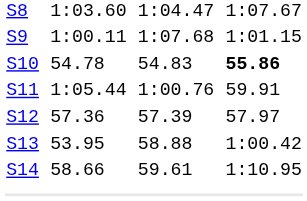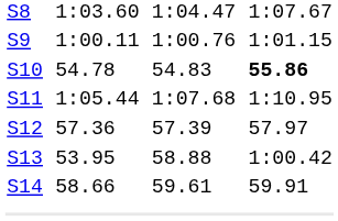 <table>
 <tr>
 <td><a href='#'>S8</a></td>
 <td></td>
 <td>1:03.60</td>
 <td></td>
 <td>1:04.47</td>
 <td></td>
 <td>1:07.67</td>
 </tr>
 <tr>
 <td><a href='#'>S9</a></td>
 <td></td>
 <td>1:00.11</td>
 <td></td>
-<td>1:07.68</td>
+<td>1:00.76</td>
 <td></td>
 <td>1:01.15</td>
 </tr>
 <tr>
 <td><a href='#'>S10</a></td>
 <td></td>
 <td>54.78</td>
 <td></td>
 <td>54.83</td>
 <td></td>
 <td><strong>55.86</strong></td>
 </tr>
 <tr>
 <td><a href='#'>S11</a></td>
 <td></td>
 <td>1:05.44</td>
 <td></td>
-<td>1:00.76</td>
+<td>1:07.68</td>
 <td></td>
-<td>59.91</td>
+<td>1:10.95</td>
 </tr>
 <tr>
 <td><a href='#'>S12</a></td>
 <td></td>
 <td>57.36</td>
 <td></td>
 <td>57.39</td>
 <td></td>
 <td>57.97</td>
 </tr>
 <tr>
 <td><a href='#'>S13</a></td>
 <td></td>
 <td>53.95</td>
 <td></td>
 <td>58.88</td>
 <td></td>
 <td>1:00.42</td>
 </tr>
 <tr>
 <td><a href='#'>S14</a></td>
 <td></td>
 <td>58.66</td>
 <td></td>
 <td>59.61</td>
 <td></td>
-<td>1:10.95</td>
+<td>59.91</td>
 </tr>
 <tr>
 <td colspan=7></td>
 </tr>
 <tr>
 </tr>
 <tr bgcolor= e8e8e8>
 <td colspan=7></td>
 </tr>
 </table>
